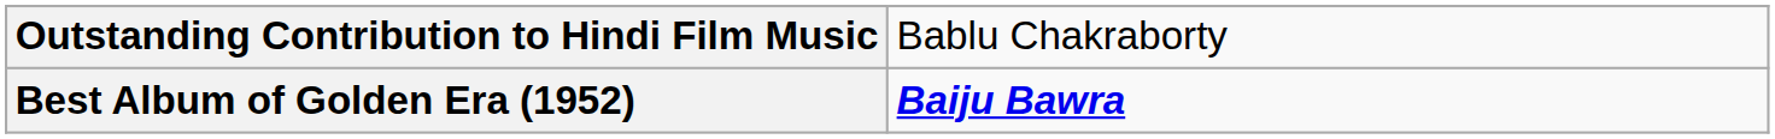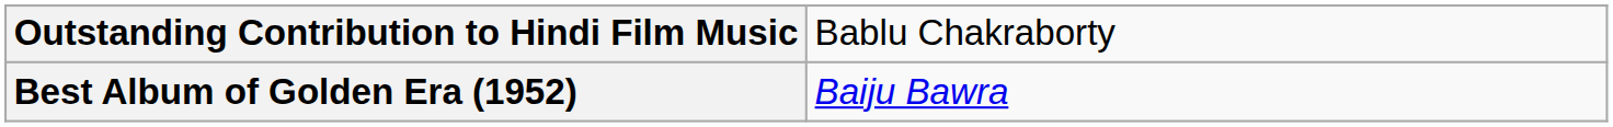 <table class="wikitable">
 <tr>
 <th style="text-align: left; width:50%;">Outstanding Contribution to Hindi Film Music</th>
 <td>Bablu Chakraborty</td>
 </tr>
 <tr>
 <th style="text-align: left;">Best Album of Golden Era (1952)</th>
-<td><strong><em><a href='#'>Baiju Bawra</a></em></strong></td>
+<td><em><a href='#'>Baiju Bawra</a></em></td>
 </tr>
 </table>
